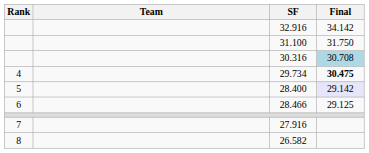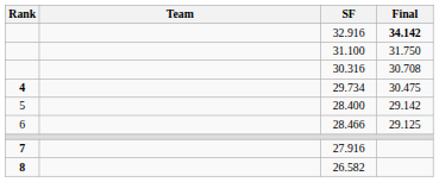 <table class=wikitable style="text-align:center">
 <tr>
 <th width=40>Rank</th>
 <th width=380>Team</th>
 <th width=70>SF</th>
 <th width=70>Final</th>
 </tr>
 <tr>
 <td></td>
 <td align=left></td>
 <td>32.916</td>
-<td>34.142</td>
+<td><strong>34.142</strong></td>
 </tr>
 <tr>
 <td></td>
 <td align=left></td>
 <td>31.100</td>
 <td>31.750</td>
 </tr>
 <tr>
 <td></td>
 <td align=left></td>
 <td>30.316</td>
-<td style="background: lightblue;">30.708</td>
+<td>30.708</td>
 </tr>
 <tr>
-<td>4</td>
+<td><strong>4</strong></td>
 <td align=left></td>
 <td>29.734</td>
-<td><strong>30.475</strong></td>
+<td>30.475</td>
 </tr>
 <tr>
 <td>5</td>
 <td align=left></td>
 <td>28.400</td>
-<td style="background: lavender;">29.142</td>
+<td>29.142</td>
 </tr>
 <tr>
 <td>6</td>
 <td align=left></td>
 <td>28.466</td>
 <td>29.125</td>
 </tr>
 <tr bgcolor=#DDDDDD>
 <td colspan=4></td>
 </tr>
 <tr>
-<td>7</td>
+<td><strong>7</strong></td>
 <td align=left></td>
 <td>27.916</td>
 <td></td>
 </tr>
 <tr>
-<td>8</td>
+<td><strong>8</strong></td>
 <td align=left></td>
 <td>26.582</td>
 <td></td>
 </tr>
 </table>
